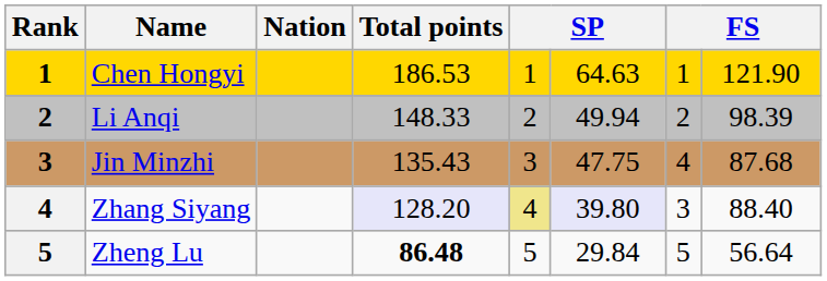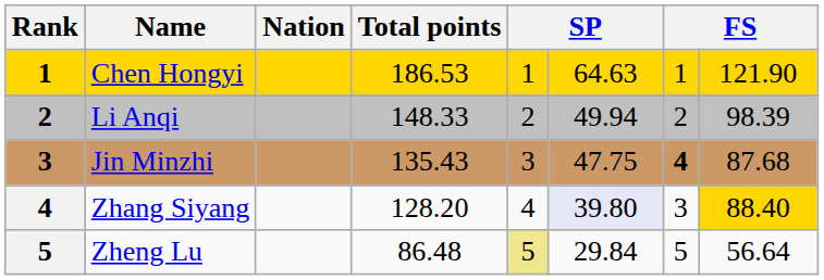 <table class="wikitable sortable">
 <tr>
 <th>Rank</th>
 <th>Name</th>
 <th>Nation</th>
 <th>Total points</th>
 <th colspan="2" width="80px"><a href='#'>SP</a></th>
 <th colspan="2" width="80px"><a href='#'>FS</a></th>
 </tr>
 <tr bgcolor="gold">
 <td align="center"><strong>1</strong></td>
 <td><a href='#'>Chen Hongyi</a></td>
 <td></td>
 <td align="center">186.53</td>
 <td align="center">1</td>
 <td align="center">64.63</td>
 <td align="center">1</td>
 <td align="center">121.90</td>
 </tr>
 <tr bgcolor="silver">
 <td align="center"><strong>2</strong></td>
 <td><a href='#'>Li Anqi</a></td>
 <td></td>
 <td align="center">148.33</td>
 <td align="center">2</td>
 <td align="center">49.94</td>
 <td align="center">2</td>
 <td align="center">98.39</td>
 </tr>
 <tr bgcolor="cc9966">
 <td align="center"><strong>3</strong></td>
 <td><a href='#'>Jin Minzhi</a></td>
 <td></td>
 <td align="center">135.43</td>
 <td align="center">3</td>
 <td align="center">47.75</td>
-<td align="center">4</td>
+<td align="center"><strong>4</strong></td>
 <td align="center">87.68</td>
 </tr>
 <tr>
 <th>4</th>
 <td><a href='#'>Zhang Siyang</a></td>
 <td></td>
-<td align="center" style="background: lavender;">128.20</td>
-<td align="center" style="background: khaki;">4</td>
+<td align="center">128.20</td>
+<td align="center">4</td>
 <td align="center" style="background: lavender;">39.80</td>
 <td align="center">3</td>
-<td align="center">88.40</td>
+<td align="center" style="background: gold;">88.40</td>
 </tr>
 <tr>
 <th>5</th>
 <td><a href='#'>Zheng Lu</a></td>
 <td></td>
-<td align="center"><strong>86.48</strong></td>
-<td align="center">5</td>
+<td align="center">86.48</td>
+<td align="center" style="background: khaki;">5</td>
 <td align="center">29.84</td>
 <td align="center">5</td>
 <td align="center">56.64</td>
 </tr>
 </table>
